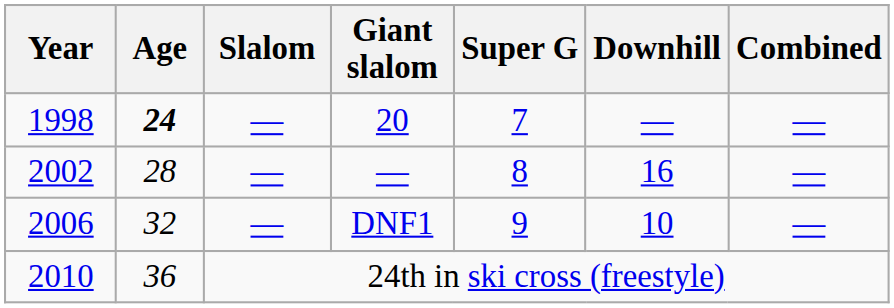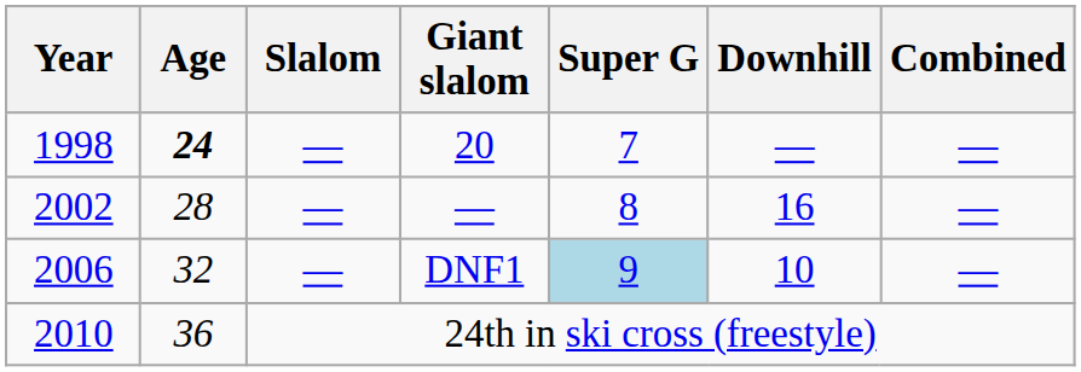 <table class=wikitable style="text-align:center">
 <tr>
 <th>  Year  </th>
 <th> Age </th>
 <th> Slalom </th>
 <th> Giant <br> slalom </th>
 <th>Super G</th>
 <th>Downhill</th>
 <th>Combined</th>
 </tr>
 <tr>
 <td><a href='#'>1998</a></td>
 <td><strong><em>24</em></strong></td>
 <td><a href='#'>—</a></td>
 <td><a href='#'>20</a></td>
 <td><a href='#'>7</a></td>
 <td><a href='#'>—</a></td>
 <td><a href='#'>—</a></td>
 </tr>
 <tr>
 <td><a href='#'>2002</a></td>
 <td><em>28</em></td>
 <td><a href='#'>—</a></td>
 <td><a href='#'>—</a></td>
 <td><a href='#'>8</a></td>
 <td><a href='#'>16</a></td>
 <td><a href='#'>—</a></td>
 </tr>
 <tr>
 <td><a href='#'>2006</a></td>
 <td><em>32</em></td>
 <td><a href='#'>—</a></td>
 <td><a href='#'>DNF1</a></td>
-<td><a href='#'>9</a></td>
+<td style="background: lightblue;"><a href='#'>9</a></td>
 <td><a href='#'>10</a></td>
 <td><a href='#'>—</a></td>
 </tr>
 <tr>
 <td><a href='#'>2010</a></td>
 <td><em>36</em></td>
 <td colspan=5>24th in <a href='#'>ski cross (freestyle)</a></td>
 </tr>
 </table>
